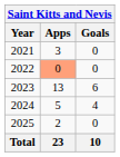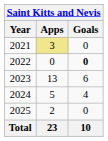 <table class="wikitable" style="text-align:center">
 <tr>
 <th colspan=3><a href='#'>Saint Kitts and Nevis</a></th>
 </tr>
 <tr>
 <th>Year</th>
 <th>Apps</th>
 <th>Goals</th>
 </tr>
 <tr>
 <td>2021</td>
-<td>3</td>
+<td style="background: khaki;">3</td>
 <td>0</td>
 </tr>
 <tr>
 <td>2022</td>
-<td style="background: lightsalmon;">0</td>
 <td>0</td>
+<td><strong>0</strong></td>
 </tr>
 <tr>
 <td>2023</td>
 <td>13</td>
 <td>6</td>
 </tr>
 <tr>
 <td>2024</td>
 <td>5</td>
 <td>4</td>
 </tr>
 <tr>
 <td>2025</td>
 <td>2</td>
 <td>0</td>
 </tr>
 <tr>
 <th>Total</th>
 <th>23</th>
 <th>10</th>
 </tr>
 </table>
